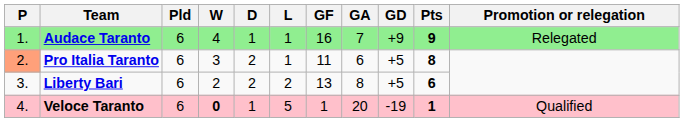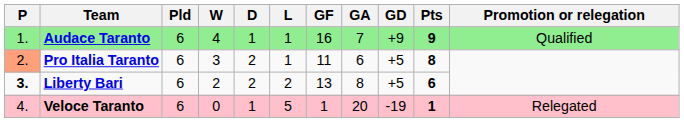 <table class="wikitable sortable" style="text-align: center;">
 <tr>
 <th width=33>P<br></th>
 <th>Team<br></th>
 <th width=33>Pld<br></th>
 <th width=33>W<br></th>
 <th width=33>D<br></th>
 <th width=33>L<br></th>
 <th width=33>GF<br></th>
 <th width=33>GA<br></th>
 <th width=33>GD<br></th>
 <th width=33>Pts<br></th>
 <th class="unsortable" width=250>Promotion or relegation<br></th>
 </tr>
 <tr style="background: #90EE90;">
 <td>1.</td>
 <td align="left"><strong><a href='#'>Audace Taranto</a></strong></td>
 <td>6</td>
 <td>4</td>
 <td>1</td>
 <td>1</td>
 <td>16</td>
 <td>7</td>
 <td>+9</td>
 <td><strong>9</strong></td>
-<td>Relegated</td>
+<td>Qualified</td>
 </tr>
 <tr>
 <td style="background: lightsalmon;">2.</td>
 <td align="left"><strong><a href='#'>Pro Italia Taranto</a></strong></td>
 <td>6</td>
 <td>3</td>
 <td>2</td>
 <td>1</td>
 <td>11</td>
 <td>6</td>
 <td>+5</td>
 <td><strong>8</strong></td>
 </tr>
 <tr>
-<td>3.</td>
+<td><strong>3.</strong></td>
 <td align="left"><strong><a href='#'>Liberty Bari</a></strong></td>
 <td>6</td>
 <td>2</td>
 <td>2</td>
 <td>2</td>
 <td>13</td>
 <td>8</td>
 <td>+5</td>
 <td><strong>6</strong></td>
 </tr>
 <tr style="background: Pink">
 <td>4.</td>
 <td align="left"><strong>Veloce Taranto</strong></td>
 <td>6</td>
-<td><strong>0</strong></td>
+<td>0</td>
 <td>1</td>
 <td>5</td>
 <td>1</td>
 <td>20</td>
 <td>-19</td>
 <td><strong>1</strong></td>
-<td>Qualified</td>
+<td>Relegated</td>
 </tr>
 </table>
